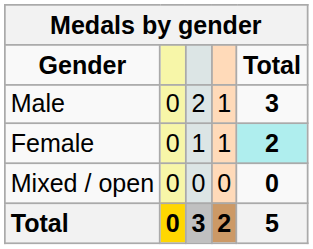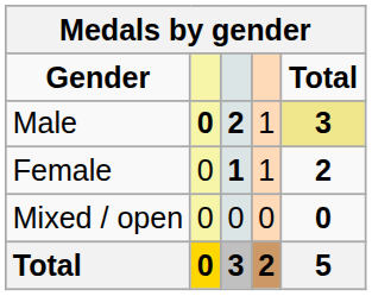 <table class="wikitable" style="text-align:center;font-size:90%">
 <tr style="background:#efefef;">
 <th colspan=7>Medals by gender</th>
 </tr>
 <tr>
 <td><strong>Gender</strong></td>
 <td bgcolor=#f7f6a8></td>
 <td bgcolor=#dce5e5></td>
 <td bgcolor=#ffdab9></td>
 <td><strong>Total</strong></td>
 </tr>
 <tr>
 <td style="text-align:left;">Male</td>
-<td style="background:#F7F6A8;">0</td>
-<td style="background:#DCE5E5;">2</td>
+<td style="background:#F7F6A8;"><strong>0</strong></td>
+<td style="background:#DCE5E5;"><strong>2</strong></td>
 <td style="background:#FFDAB9;">1</td>
-<td><strong>3</strong></td>
+<td style="background: khaki;"><strong>3</strong></td>
 </tr>
 <tr>
 <td style="text-align:left;">Female</td>
 <td style="background:#F7F6A8;">0</td>
-<td style="background:#DCE5E5;">1</td>
+<td style="background:#DCE5E5;"><strong>1</strong></td>
 <td style="background:#FFDAB9;">1</td>
-<td style="background: paleturquoise;"><strong>2</strong></td>
+<td><strong>2</strong></td>
 </tr>
 <tr>
 <td style="text-align:left;">Mixed / open</td>
 <td style="background:#F7F6A8;">0</td>
 <td style="background:#DCE5E5;">0</td>
 <td style="background:#FFDAB9;">0</td>
 <td><strong>0</strong></td>
 </tr>
 <tr>
 <th style="text-align:left;">Total</th>
 <th style="background:gold;">0</th>
 <th style="background:silver;">3</th>
 <th style="background:#c96;">2</th>
 <th>5</th>
 </tr>
 </table>
